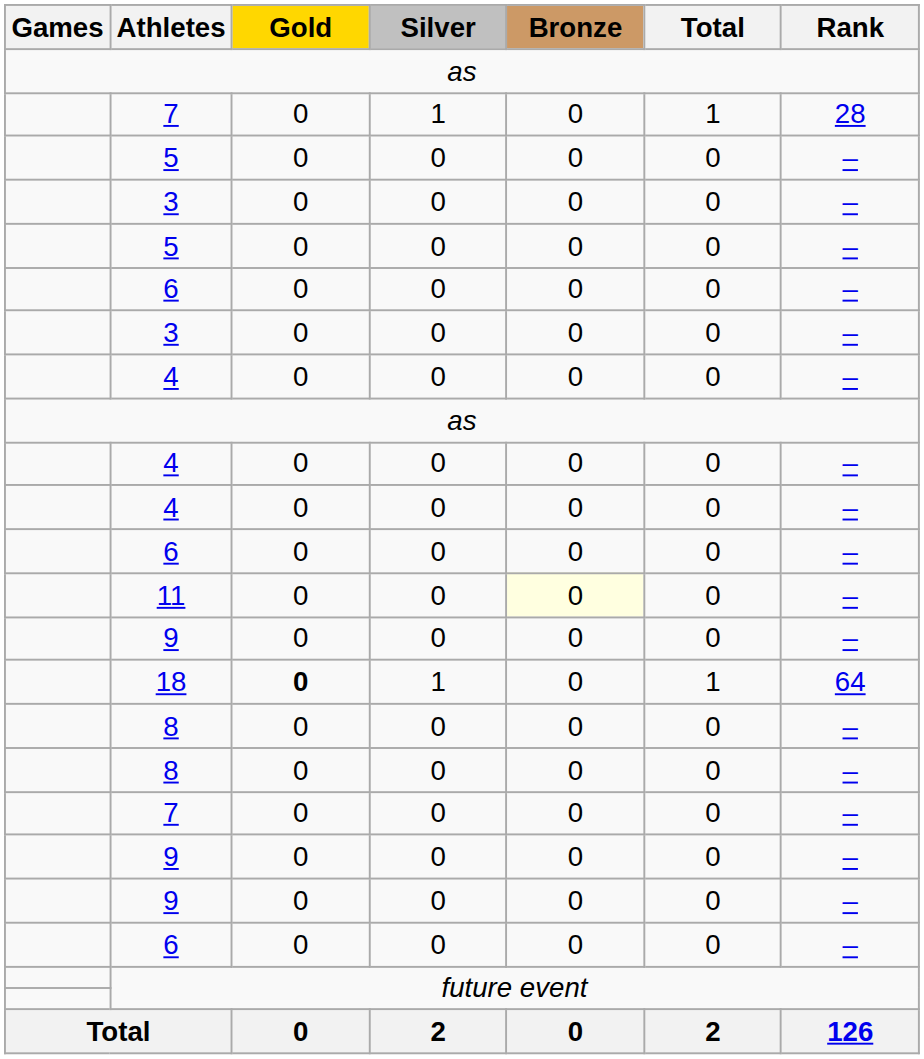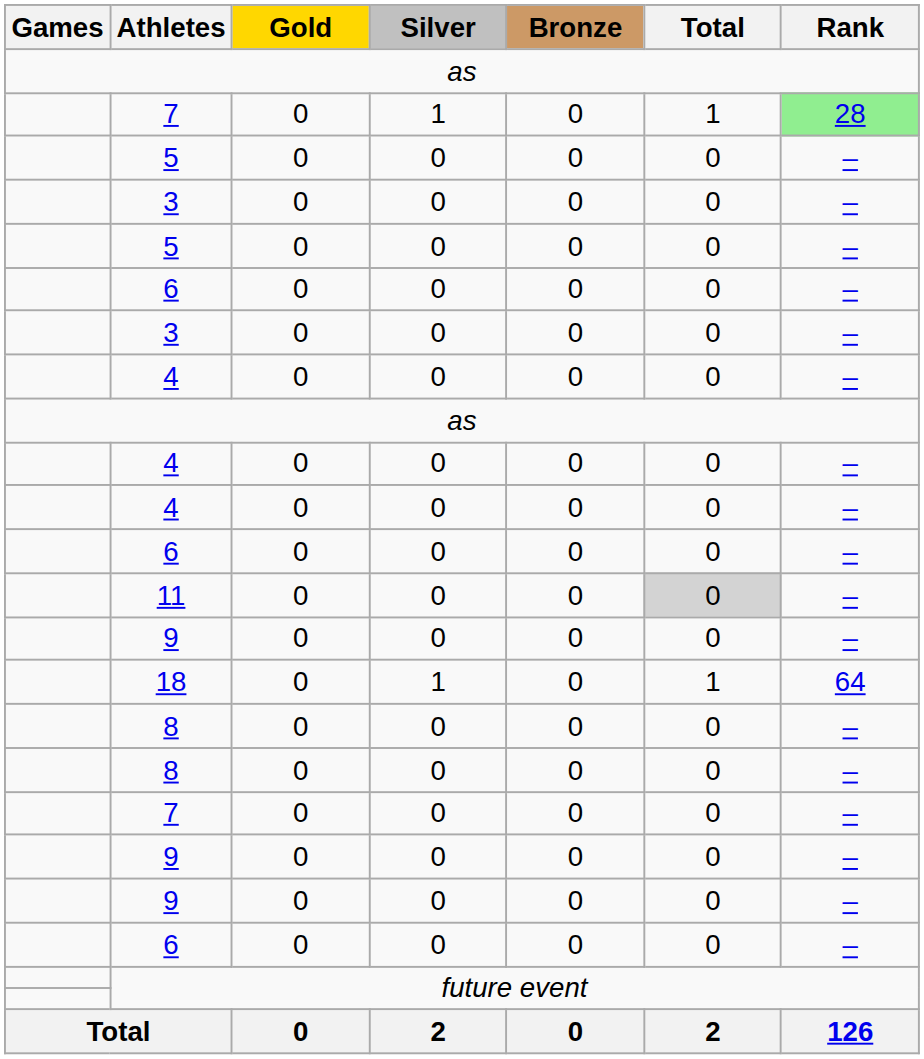 <table class="wikitable" style="text-align:center; font-size:90%;">
 <tr>
 <th>Games</th>
 <th>Athletes</th>
 <td style="background:gold; width:4.5em; font-weight:bold;">Gold</td>
 <td style="background:silver; width:4.5em; font-weight:bold;">Silver</td>
 <td style="background:#cc9966; width:4.5em; font-weight:bold;">Bronze</td>
 <th style="width:4.5em; font-weight:bold;">Total</th>
 <th style="width:4.5em; font-weight:bold;">Rank</th>
 </tr>
 <tr>
 <td colspan=7><em> as  </em></td>
 </tr>
 <tr>
 <td align=left></td>
 <td><a href='#'>7</a></td>
 <td>0</td>
 <td>1</td>
 <td>0</td>
 <td>1</td>
-<td><a href='#'>28</a></td>
+<td style="background: lightgreen;"><a href='#'>28</a></td>
 </tr>
 <tr>
 <td align=left></td>
 <td><a href='#'>5</a></td>
 <td>0</td>
 <td>0</td>
 <td>0</td>
 <td>0</td>
 <td><a href='#'>–</a></td>
 </tr>
 <tr>
 <td align=left></td>
 <td><a href='#'>3</a></td>
 <td>0</td>
 <td>0</td>
 <td>0</td>
 <td>0</td>
 <td><a href='#'>–</a></td>
 </tr>
 <tr>
 <td align=left></td>
 <td><a href='#'>5</a></td>
 <td>0</td>
 <td>0</td>
 <td>0</td>
 <td>0</td>
 <td><a href='#'>–</a></td>
 </tr>
 <tr>
 <td align=left></td>
 <td><a href='#'>6</a></td>
 <td>0</td>
 <td>0</td>
 <td>0</td>
 <td>0</td>
 <td><a href='#'>–</a></td>
 </tr>
 <tr>
 <td align=left></td>
 <td><a href='#'>3</a></td>
 <td>0</td>
 <td>0</td>
 <td>0</td>
 <td>0</td>
 <td><a href='#'>–</a></td>
 </tr>
 <tr>
 <td align=left></td>
 <td><a href='#'>4</a></td>
 <td>0</td>
 <td>0</td>
 <td>0</td>
 <td>0</td>
 <td><a href='#'>–</a></td>
 </tr>
 <tr>
 <td colspan=7><em>as </em></td>
 </tr>
 <tr>
 <td align=left></td>
 <td><a href='#'>4</a></td>
 <td>0</td>
 <td>0</td>
 <td>0</td>
 <td>0</td>
 <td><a href='#'>–</a></td>
 </tr>
 <tr>
 <td align=left></td>
 <td><a href='#'>4</a></td>
 <td>0</td>
 <td>0</td>
 <td>0</td>
 <td>0</td>
 <td><a href='#'>–</a></td>
 </tr>
 <tr>
 <td align=left></td>
 <td><a href='#'>6</a></td>
 <td>0</td>
 <td>0</td>
 <td>0</td>
 <td>0</td>
 <td><a href='#'>–</a></td>
 </tr>
 <tr>
 <td align=left></td>
 <td><a href='#'>11</a></td>
 <td>0</td>
 <td>0</td>
-<td style="background: lightyellow;">0</td>
 <td>0</td>
+<td style="background: lightgrey;">0</td>
 <td><a href='#'>–</a></td>
 </tr>
 <tr>
 <td align=left></td>
 <td><a href='#'>9</a></td>
 <td>0</td>
 <td>0</td>
 <td>0</td>
 <td>0</td>
 <td><a href='#'>–</a></td>
 </tr>
 <tr>
 <td align=left></td>
 <td><a href='#'>18</a></td>
-<td><strong>0</strong></td>
+<td>0</td>
 <td>1</td>
 <td>0</td>
 <td>1</td>
 <td><a href='#'>64</a></td>
 </tr>
 <tr>
 <td align=left></td>
 <td><a href='#'>8</a></td>
 <td>0</td>
 <td>0</td>
 <td>0</td>
 <td>0</td>
 <td><a href='#'>–</a></td>
 </tr>
 <tr>
 <td align=left></td>
 <td><a href='#'>8</a></td>
 <td>0</td>
 <td>0</td>
 <td>0</td>
 <td>0</td>
 <td><a href='#'>–</a></td>
 </tr>
 <tr>
 <td align=left></td>
 <td><a href='#'>7</a></td>
 <td>0</td>
 <td>0</td>
 <td>0</td>
 <td>0</td>
 <td><a href='#'>–</a></td>
 </tr>
 <tr>
 <td align=left></td>
 <td><a href='#'>9</a></td>
 <td>0</td>
 <td>0</td>
 <td>0</td>
 <td>0</td>
 <td><a href='#'>–</a></td>
 </tr>
 <tr>
 <td align=left></td>
 <td><a href='#'>9</a></td>
 <td>0</td>
 <td>0</td>
 <td>0</td>
 <td>0</td>
 <td><a href='#'>–</a></td>
 </tr>
 <tr>
 <td align=left></td>
 <td><a href='#'>6</a></td>
 <td>0</td>
 <td>0</td>
 <td>0</td>
 <td>0</td>
 <td><a href='#'>–</a></td>
 </tr>
 <tr>
 <td align=left></td>
 <td colspan=6; rowspan=2><em>future event</em></td>
 </tr>
 <tr>
 <td align=left></td>
 </tr>
 <tr>
 <th colspan=2>Total</th>
 <th>0</th>
 <th>2</th>
 <th>0</th>
 <th>2</th>
 <th><a href='#'>126</a></th>
 </tr>
 </table>
